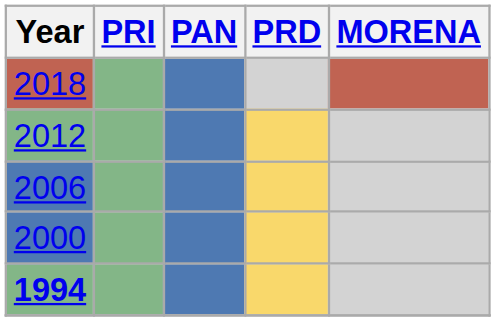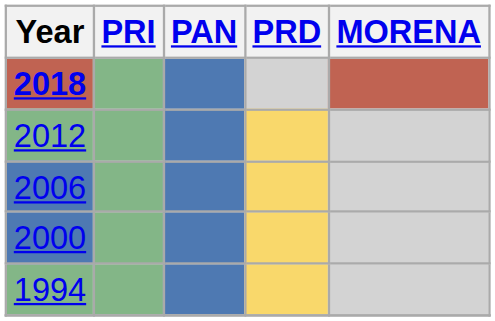 <table class="wikitable" class="toccolours" style="float:right; margin-left:1em; font-size: 90%">
 <tr style="background:lightgrey;">
 <th>Year</th>
 <th><a href='#'>PRI</a></th>
 <th><a href='#'>PAN</a></th>
 <th><a href='#'>PRD</a></th>
 <th><a href='#'>MORENA</a></th>
 </tr>
 <tr>
-<td style="text-align:center; background:#C06352;"><a href='#'>2018</a></td>
+<td style="text-align:center; background:#C06352;"><strong><a href='#'>2018</a></strong></td>
 <td style="text-align:center; background:#83B687;"></td>
 <td style="text-align:center; background:#4E79B2;"></td>
 <td style="text-align:center; background:lightgrey;"></td>
 <td style="text-align:center; background:#C06352;"><strong></strong></td>
 </tr>
 <tr>
 <td style="text-align:center; background:#83B687;"><a href='#'>2012</a></td>
 <td style="text-align:center; background:#83B687;"><strong></strong></td>
 <td style="text-align:center; background:#4E79B2;"></td>
 <td style="text-align:center; background:#F9D86B;"></td>
 <td style="text-align:center; background:lightgrey;"></td>
 </tr>
 <tr>
 <td style="text-align:center; background:#4E79B2;"><a href='#'>2006</a></td>
 <td style="text-align:center; background:#83B687;"></td>
 <td style="text-align:center; background:#4E79B2;"><strong></strong></td>
 <td style="text-align:center; background:#F9D86B;"></td>
 <td style="text-align:center; background:lightgrey;"></td>
 </tr>
 <tr>
 <td style="text-align:center; background:#4E79B2;"><a href='#'>2000</a></td>
 <td style="text-align:center; background:#83B687;"></td>
 <td style="text-align:center; background:#4E79B2;"><strong></strong></td>
 <td style="text-align:center; background:#F9D86B;"></td>
 <td style="text-align:center; background:lightgrey;"></td>
 </tr>
 <tr>
-<td style="text-align:center; background:#83B687;"><strong><a href='#'>1994</a></strong></td>
+<td style="text-align:center; background:#83B687;"><a href='#'>1994</a></td>
 <td style="text-align:center; background:#83B687;"><strong></strong></td>
 <td style="text-align:center; background:#4E79B2;"></td>
 <td style="text-align:center; background:#F9D86B;"></td>
 <td style="text-align:center; background:lightgrey;"></td>
 </tr>
 <tr>
 </tr>
 </table>
